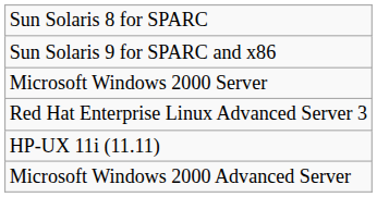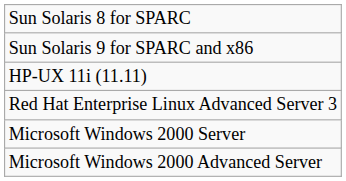 <table class="wikitable">
 <tr>
 <td>Sun Solaris 8 for SPARC</td>
 </tr>
 <tr>
 <td>Sun Solaris 9 for SPARC and x86</td>
 </tr>
 <tr>
-<td>Microsoft Windows 2000 Server</td>
+<td>HP-UX 11i (11.11)</td>
 </tr>
 <tr>
 <td>Red Hat Enterprise Linux Advanced Server 3</td>
 </tr>
 <tr>
-<td>HP-UX 11i (11.11)</td>
+<td>Microsoft Windows 2000 Server</td>
 </tr>
 <tr>
 <td>Microsoft Windows 2000 Advanced Server</td>
 </tr>
 </table>
